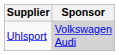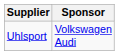 <table class="wikitable">
 <tr>
 <th>Supplier</th>
 <th>Sponsor</th>
 </tr>
 <tr>
 <td> <a href='#'>Uhlsport</a></td>
-<td style="background: lightgrey;"> <a href='#'>Volkswagen</a><br> <a href='#'>Audi</a></td>
+<td> <a href='#'>Volkswagen</a><br> <a href='#'>Audi</a></td>
 </tr>
 </table>
